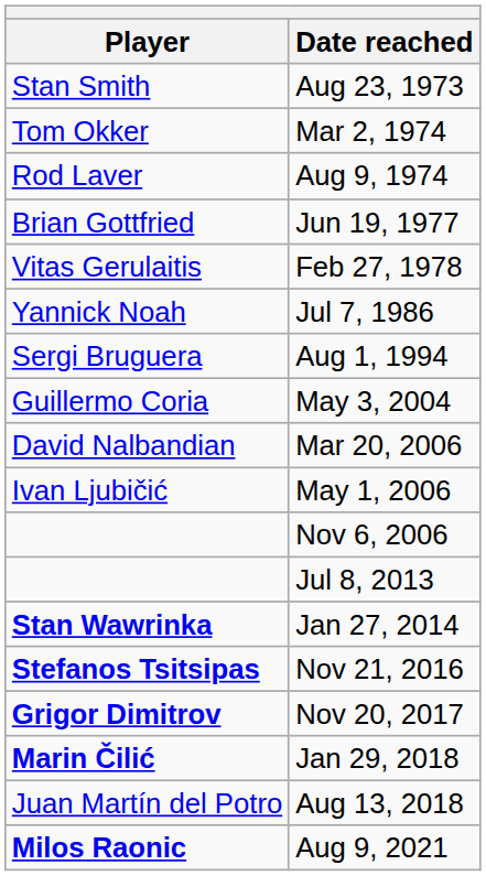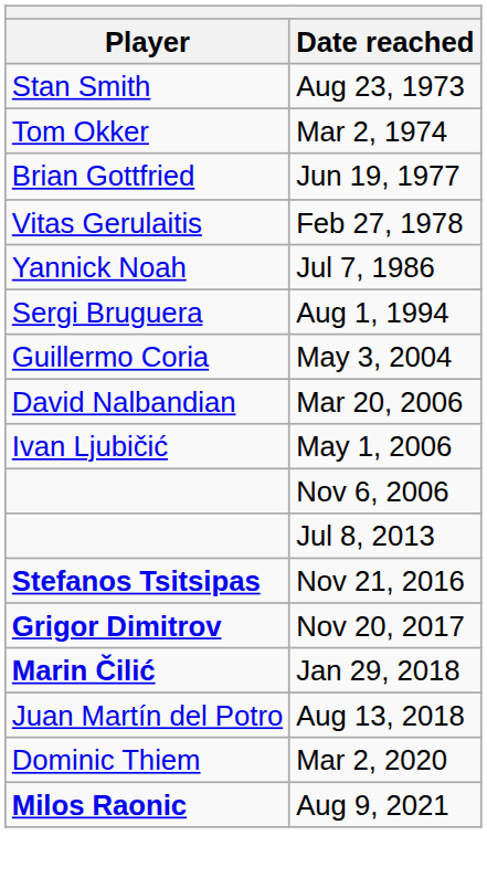 <table class="wikitable nowrap" style="display:inline-table; font-size:95%">
 <tr>
 <th colspan="2"></th>
 </tr>
 <tr>
 <th>Player</th>
 <th>Date reached</th>
 </tr>
 <tr>
 <td> <a href='#'>Stan Smith</a></td>
 <td>Aug 23, 1973</td>
 </tr>
 <tr>
 <td> <a href='#'>Tom Okker</a></td>
 <td>Mar 2, 1974</td>
-</tr>
-<tr>
-<td> <a href='#'>Rod Laver</a></td>
-<td>Aug 9, 1974</td>
 </tr>
 <tr>
 <td> <a href='#'>Brian Gottfried</a></td>
 <td>Jun 19, 1977</td>
 </tr>
 <tr>
 <td> <a href='#'>Vitas Gerulaitis</a></td>
 <td>Feb 27, 1978</td>
 </tr>
 <tr>
 <td> <a href='#'>Yannick Noah</a></td>
 <td>Jul 7, 1986</td>
 </tr>
 <tr>
 <td> <a href='#'>Sergi Bruguera</a></td>
 <td>Aug 1, 1994</td>
 </tr>
 <tr>
 <td> <a href='#'>Guillermo Coria</a></td>
 <td>May 3, 2004</td>
 </tr>
 <tr>
 <td> <a href='#'>David Nalbandian</a></td>
 <td>Mar 20, 2006</td>
 </tr>
 <tr>
 <td> <a href='#'>Ivan Ljubičić</a></td>
 <td>May 1, 2006</td>
 </tr>
 <tr>
 <td></td>
 <td>Nov 6, 2006</td>
 </tr>
 <tr>
 <td></td>
 <td>Jul 8, 2013</td>
 </tr>
 <tr>
-<td> <strong><a href='#'>Stan Wawrinka</a></strong></td>
-<td>Jan 27, 2014</td>
-</tr>
-<tr>
 <td> <strong><a href='#'>Stefanos Tsitsipas</a></strong></td>
 <td>Nov 21, 2016</td>
 </tr>
 <tr>
 <td> <strong><a href='#'>Grigor Dimitrov</a></strong></td>
 <td>Nov 20, 2017</td>
 </tr>
 <tr>
 <td> <strong><a href='#'>Marin Čilić</a></strong></td>
 <td>Jan 29, 2018</td>
 </tr>
 <tr>
 <td> <a href='#'>Juan Martín del Potro</a></td>
 <td>Aug 13, 2018</td>
 </tr>
 <tr>
+<td> <a href='#'>Dominic Thiem</a></td>
+<td>Mar 2, 2020</td>
+</tr>
+<tr>
 <td> <strong><a href='#'>Milos Raonic</a></strong></td>
 <td>Aug 9, 2021</td>
 </tr>
 </table>
